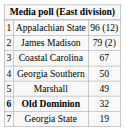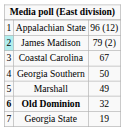 <table class="wikitable" style="display: inline-table;">
 <tr>
 <td align="center" Colspan="3"><strong>Media poll (East division)</strong></td>
 </tr>
 <tr align="center">
 </tr>
 <tr align="center">
 <td>1</td>
 <td>Appalachian State</td>
 <td>96 (12)</td>
 </tr>
 <tr align="center">
-<td>2</td>
+<td style="background: paleturquoise;">2</td>
 <td>James Madison</td>
 <td>79 (2)</td>
 </tr>
 <tr align="center">
 <td>3</td>
 <td>Coastal Carolina</td>
 <td>67</td>
 </tr>
 <tr align="center">
 <td>4</td>
 <td>Georgia Southern</td>
 <td>50</td>
 </tr>
 <tr align="center">
 <td>5</td>
 <td>Marshall</td>
 <td>49</td>
 </tr>
 <tr align="center">
 <td><strong>6</strong></td>
 <td><strong>Old Dominion</strong></td>
 <td>32</td>
 </tr>
 <tr align="center">
 <td>7</td>
 <td>Georgia State</td>
 <td>19</td>
 </tr>
 </table>
